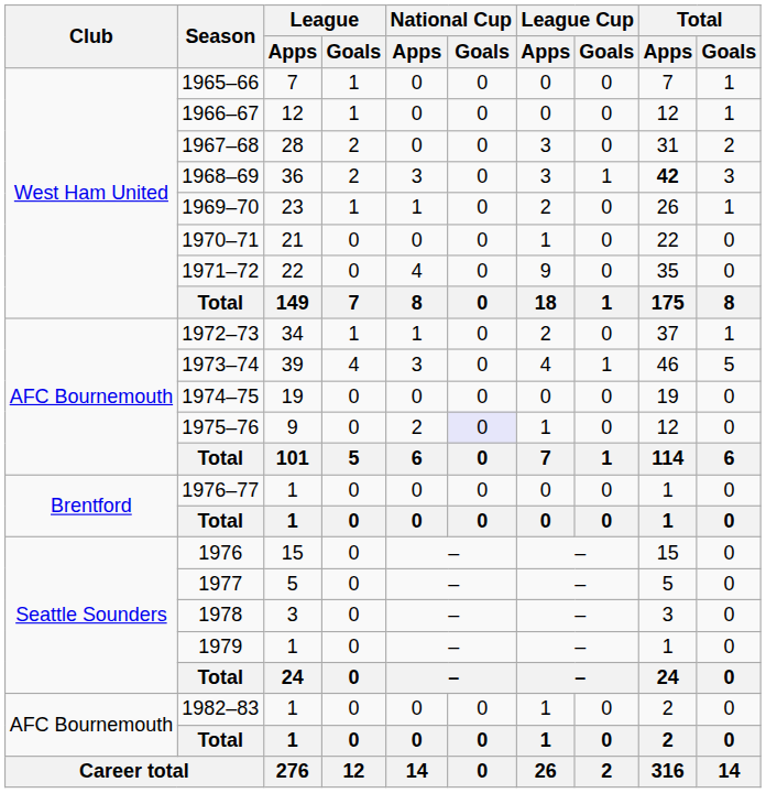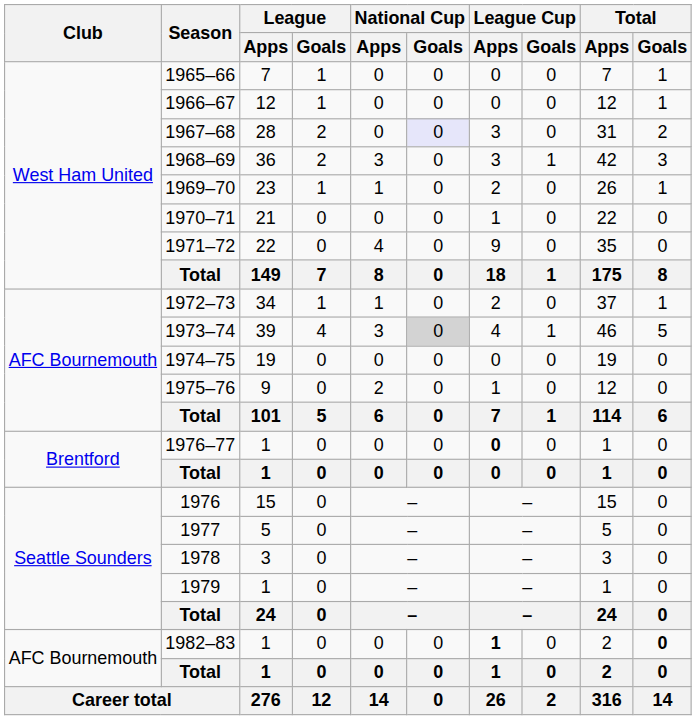 <table class="wikitable" style="text-align:center">
 <tr>
 <th rowspan="2">Club</th>
 <th rowspan="2">Season</th>
 <th colspan="2">League</th>
 <th colspan="2">National Cup</th>
 <th colspan="2">League Cup</th>
 <th colspan="2">Total</th>
 </tr>
 <tr>
 <th>Apps</th>
 <th>Goals</th>
 <th>Apps</th>
 <th>Goals</th>
 <th>Apps</th>
 <th>Goals</th>
 <th>Apps</th>
 <th>Goals</th>
 </tr>
 <tr>
 <td rowspan="8"><a href='#'>West Ham United</a></td>
 <td>1965–66</td>
 <td>7</td>
 <td>1</td>
 <td>0</td>
 <td>0</td>
 <td>0</td>
 <td>0</td>
 <td>7</td>
 <td>1</td>
 </tr>
 <tr>
 <td>1966–67</td>
 <td>12</td>
 <td>1</td>
 <td>0</td>
 <td>0</td>
 <td>0</td>
 <td>0</td>
 <td>12</td>
 <td>1</td>
 </tr>
 <tr>
 <td>1967–68</td>
 <td>28</td>
 <td>2</td>
 <td>0</td>
-<td>0</td>
+<td style="background: lavender;">0</td>
 <td>3</td>
 <td>0</td>
 <td>31</td>
 <td>2</td>
 </tr>
 <tr>
 <td>1968–69</td>
 <td>36</td>
 <td>2</td>
 <td>3</td>
 <td>0</td>
 <td>3</td>
 <td>1</td>
-<td><strong>42</strong></td>
+<td>42</td>
 <td>3</td>
 </tr>
 <tr>
 <td>1969–70</td>
 <td>23</td>
 <td>1</td>
 <td>1</td>
 <td>0</td>
 <td>2</td>
 <td>0</td>
 <td>26</td>
 <td>1</td>
 </tr>
 <tr>
 <td>1970–71</td>
 <td>21</td>
 <td>0</td>
 <td>0</td>
 <td>0</td>
 <td>1</td>
 <td>0</td>
 <td>22</td>
 <td>0</td>
 </tr>
 <tr>
 <td>1971–72</td>
 <td>22</td>
 <td>0</td>
 <td>4</td>
 <td>0</td>
 <td>9</td>
 <td>0</td>
 <td>35</td>
 <td>0</td>
 </tr>
 <tr>
 <th>Total</th>
 <th>149</th>
 <th>7</th>
 <th>8</th>
 <th>0</th>
 <th>18</th>
 <th>1</th>
 <th>175</th>
 <th>8</th>
 </tr>
 <tr>
 <td rowspan="5"><a href='#'>AFC Bournemouth</a></td>
 <td>1972–73</td>
 <td>34</td>
 <td>1</td>
 <td>1</td>
 <td>0</td>
 <td>2</td>
 <td>0</td>
 <td>37</td>
 <td>1</td>
 </tr>
 <tr>
 <td>1973–74</td>
 <td>39</td>
 <td>4</td>
 <td>3</td>
-<td>0</td>
+<td style="background: lightgrey;">0</td>
 <td>4</td>
 <td>1</td>
 <td>46</td>
 <td>5</td>
 </tr>
 <tr>
 <td>1974–75</td>
 <td>19</td>
 <td>0</td>
 <td>0</td>
 <td>0</td>
 <td>0</td>
 <td>0</td>
 <td>19</td>
 <td>0</td>
 </tr>
 <tr>
 <td>1975–76</td>
 <td>9</td>
 <td>0</td>
 <td>2</td>
-<td style="background: lavender;">0</td>
+<td>0</td>
 <td>1</td>
 <td>0</td>
 <td>12</td>
 <td>0</td>
 </tr>
 <tr>
 <th>Total</th>
 <th>101</th>
 <th>5</th>
 <th>6</th>
 <th>0</th>
 <th>7</th>
 <th>1</th>
 <th>114</th>
 <th>6</th>
 </tr>
 <tr>
 <td rowspan="2"><a href='#'>Brentford</a></td>
 <td>1976–77</td>
 <td>1</td>
 <td>0</td>
 <td>0</td>
 <td>0</td>
-<td>0</td>
+<td><strong>0</strong></td>
 <td>0</td>
 <td>1</td>
 <td>0</td>
 </tr>
 <tr>
 <th>Total</th>
 <th>1</th>
 <th>0</th>
 <th>0</th>
 <th>0</th>
 <th>0</th>
 <th>0</th>
 <th>1</th>
 <th>0</th>
 </tr>
 <tr>
 <td rowspan="5"><a href='#'>Seattle Sounders</a></td>
 <td>1976</td>
 <td>15</td>
 <td>0</td>
 <td colspan="2"> –</td>
 <td colspan="2"> –</td>
 <td>15</td>
 <td>0</td>
 </tr>
 <tr>
 <td>1977</td>
 <td>5</td>
 <td>0</td>
 <td colspan="2"> –</td>
 <td colspan="2"> –</td>
 <td>5</td>
 <td>0</td>
 </tr>
 <tr>
 <td>1978</td>
 <td>3</td>
 <td>0</td>
 <td colspan="2"> –</td>
 <td colspan="2"> –</td>
 <td>3</td>
 <td>0</td>
 </tr>
 <tr>
 <td>1979</td>
 <td>1</td>
 <td>0</td>
 <td colspan="2"> –</td>
 <td colspan="2"> –</td>
 <td>1</td>
 <td>0</td>
 </tr>
 <tr>
 <th>Total</th>
 <th>24</th>
 <th>0</th>
 <th colspan="2"> –</th>
 <th colspan="2"> –</th>
 <th>24</th>
 <th>0</th>
 </tr>
 <tr>
 <td rowspan="2">AFC Bournemouth</td>
 <td>1982–83</td>
 <td>1</td>
 <td>0</td>
 <td>0</td>
 <td>0</td>
-<td>1</td>
+<td><strong>1</strong></td>
 <td>0</td>
 <td>2</td>
-<td>0</td>
+<td><strong>0</strong></td>
 </tr>
 <tr>
 <th>Total</th>
 <th>1</th>
 <th>0</th>
 <th>0</th>
 <th>0</th>
 <th>1</th>
 <th>0</th>
 <th>2</th>
 <th>0</th>
 </tr>
 <tr>
 <th colspan="2">Career total</th>
 <th>276</th>
 <th>12</th>
 <th>14</th>
 <th>0</th>
 <th>26</th>
 <th>2</th>
 <th>316</th>
 <th>14</th>
 </tr>
 </table>
